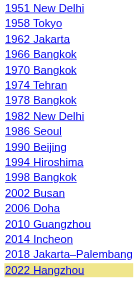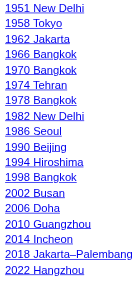 <table>
 <tr>
 <td><a href='#'>1951 New Delhi</a></td>
 <td></td>
 <td></td>
 <td></td>
 </tr>
 <tr>
 <td><a href='#'>1958 Tokyo</a></td>
 <td></td>
 <td></td>
 <td></td>
 </tr>
 <tr>
 <td><a href='#'>1962 Jakarta</a></td>
 <td></td>
 <td></td>
 <td></td>
 </tr>
 <tr>
 <td><a href='#'>1966 Bangkok</a></td>
 <td></td>
 <td></td>
 <td></td>
 </tr>
 <tr>
 <td><a href='#'>1970 Bangkok</a></td>
 <td></td>
 <td></td>
 <td></td>
 </tr>
 <tr>
 <td><a href='#'>1974 Tehran</a></td>
 <td></td>
 <td></td>
 <td></td>
 </tr>
 <tr>
 <td><a href='#'>1978 Bangkok</a></td>
 <td></td>
 <td></td>
 <td></td>
 </tr>
 <tr>
 <td><a href='#'>1982 New Delhi</a></td>
 <td></td>
 <td></td>
 <td></td>
 </tr>
 <tr>
 <td><a href='#'>1986 Seoul</a></td>
 <td></td>
 <td></td>
 <td></td>
 </tr>
 <tr>
 <td><a href='#'>1990 Beijing</a></td>
 <td></td>
 <td></td>
 <td></td>
 </tr>
 <tr>
 <td><a href='#'>1994 Hiroshima</a></td>
 <td></td>
 <td></td>
 <td></td>
 </tr>
 <tr>
 <td><a href='#'>1998 Bangkok</a></td>
 <td></td>
 <td></td>
 <td></td>
 </tr>
 <tr>
 <td><a href='#'>2002 Busan</a></td>
 <td></td>
 <td></td>
 <td></td>
 </tr>
 <tr>
 <td><a href='#'>2006 Doha</a></td>
 <td></td>
 <td></td>
 <td></td>
 </tr>
 <tr>
 <td><a href='#'>2010 Guangzhou</a></td>
 <td></td>
 <td></td>
 <td></td>
 </tr>
 <tr>
 <td><a href='#'>2014 Incheon</a></td>
 <td></td>
 <td></td>
 <td></td>
 </tr>
 <tr>
 <td><a href='#'>2018 Jakarta–Palembang</a></td>
 <td></td>
 <td></td>
 <td></td>
 </tr>
 <tr>
-<td style="background: khaki;"><a href='#'>2022 Hangzhou</a></td>
+<td><a href='#'>2022 Hangzhou</a></td>
 <td></td>
 <td></td>
 <td></td>
 </tr>
 </table>
